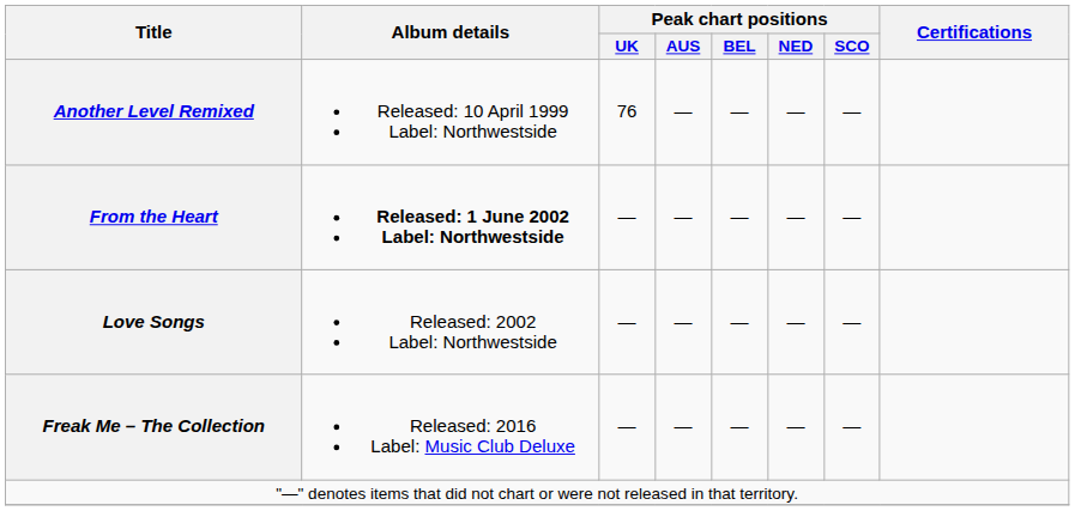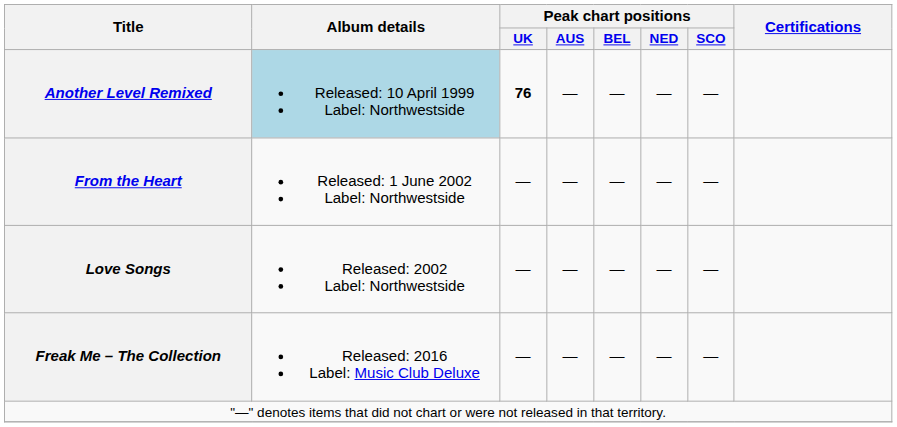 <table class="wikitable plainrowheaders" style="text-align:center;">
 <tr>
 <th scope="col" rowspan="2" style="width:16em;">Title</th>
 <th scope="col" rowspan="2" style="width:16em;">Album details</th>
 <th scope="col" colspan="5">Peak chart positions</th>
 <th rowspan="2" style="width:10em;"><a href='#'>Certifications</a></th>
 </tr>
 <tr>
 <th style="width:3em;font-size:90%;"><a href='#'>UK</a><br></th>
 <th style="width:3em;font-size:90%;"><a href='#'>AUS</a><br></th>
 <th style="width:3em;font-size:90%;"><a href='#'>BEL</a><br></th>
 <th style="width:3em;font-size:90%;"><a href='#'>NED</a><br></th>
 <th style="width:3em;font-size:90%;"><a href='#'>SCO</a><br></th>
 </tr>
 <tr>
 <th scope="row"><em><a href='#'>Another Level Remixed</a></em></th>
-<td><br><ul><li>Released: 10 April 1999</li><li>Label: Northwestside</li></ul></td>
-<td>76</td>
+<td style="background: lightblue;"><br><ul><li>Released: 10 April 1999</li><li>Label: Northwestside</li></ul></td>
+<td><strong>76</strong></td>
 <td>—</td>
 <td>—</td>
 <td>—</td>
 <td>—</td>
 <td></td>
 </tr>
 <tr>
 <th scope="row"><em><a href='#'>From the Heart</a></em></th>
-<td><strong><br><ul><li>Released: 1 June 2002</li><li>Label: Northwestside</li></ul></strong></td>
+<td><br><ul><li>Released: 1 June 2002</li><li>Label: Northwestside</li></ul></td>
 <td>—</td>
 <td>—</td>
 <td>—</td>
 <td>—</td>
 <td>—</td>
 <td></td>
 </tr>
 <tr>
 <th scope="row"><em>Love Songs</em></th>
 <td><br><ul><li>Released: 2002</li><li>Label: Northwestside</li></ul></td>
 <td>—</td>
 <td>—</td>
 <td>—</td>
 <td>—</td>
 <td>—</td>
 <td></td>
 </tr>
 <tr>
 <th scope="row"><em>Freak Me – The Collection</em></th>
 <td><br><ul><li>Released: 2016</li><li>Label: <a href='#'>Music Club Deluxe</a></li></ul></td>
 <td>—</td>
 <td>—</td>
 <td>—</td>
 <td>—</td>
 <td>—</td>
 <td></td>
 </tr>
 <tr>
 <td align="center" colspan="15" style="font-size:90%">"—" denotes items that did not chart or were not released in that territory.</td>
 </tr>
 <tr>
 </tr>
 </table>
